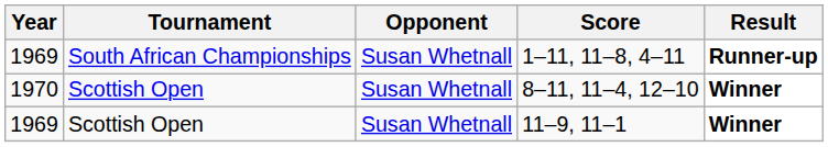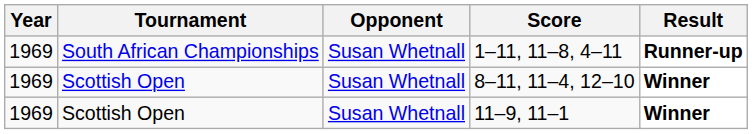 <table class="sortable wikitable" style="font-size: 90%;">
 <tr>
 <th>Year</th>
 <th>Tournament</th>
 <th>Opponent</th>
 <th>Score</th>
 <th>Result</th>
 </tr>
 <tr>
 <td align="center">1969</td>
 <td align="left"><a href='#'>South African Championships</a></td>
 <td align="left"> <a href='#'>Susan Whetnall</a></td>
 <td align="left">1–11, 11–8, 4–11</td>
 <td style="text-align:left; background:white"> <strong>Runner-up</strong></td>
 </tr>
 <tr>
-<td align="center">1970</td>
+<td align="center">1969</td>
 <td align="left"><a href='#'>Scottish Open</a></td>
 <td align="left"> <a href='#'>Susan Whetnall</a></td>
 <td align="left">8–11, 11–4, 12–10</td>
 <td style="text-align:left; background:white"> <strong>Winner</strong></td>
 </tr>
 <tr>
 <td align="center">1969</td>
 <td align="left">Scottish Open</td>
 <td align="left"> <a href='#'>Susan Whetnall</a></td>
 <td align="left">11–9, 11–1</td>
 <td style="text-align:left; background:white"> <strong>Winner</strong></td>
 </tr>
 </table>
